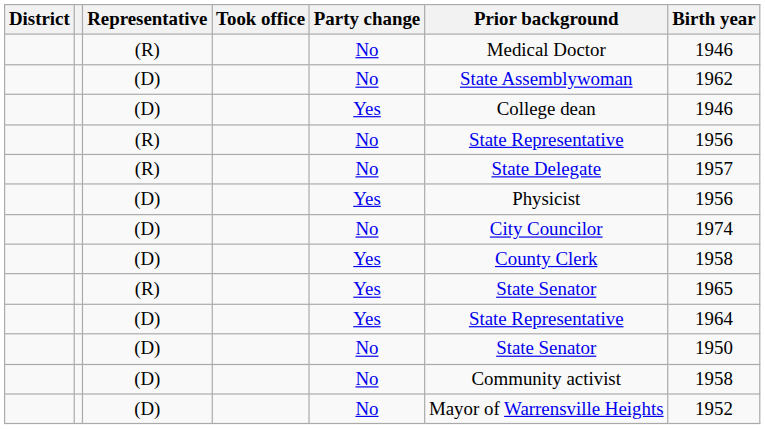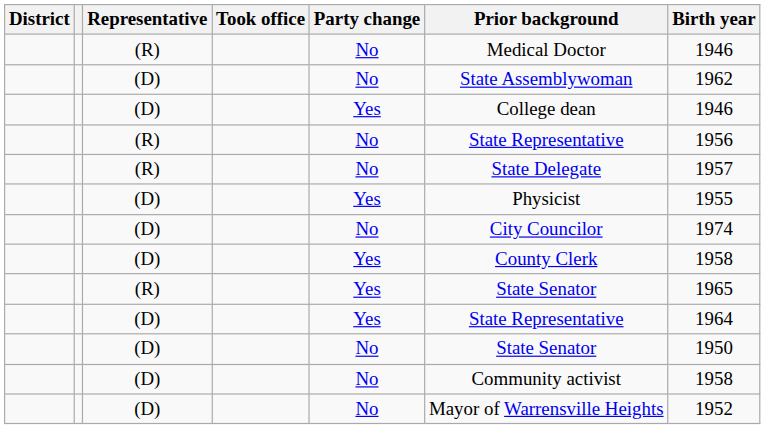 <table class="sortable wikitable" style="text-align:center">
 <tr>
 <th>District</th>
 <th></th>
 <th>Representative</th>
 <th>Took office</th>
 <th>Party change</th>
 <th>Prior background</th>
 <th>Birth year</th>
 </tr>
 <tr>
 <td></td>
 <td></td>
 <td> (R)</td>
 <td></td>
 <td><a href='#'>No</a></td>
 <td>Medical Doctor</td>
 <td>1946</td>
 </tr>
 <tr>
 <td></td>
 <td></td>
 <td> (D)</td>
 <td></td>
 <td><a href='#'>No</a></td>
 <td><a href='#'>State Assemblywoman</a></td>
 <td>1962</td>
 </tr>
 <tr>
 <td></td>
 <td></td>
 <td> (D)</td>
 <td></td>
 <td><a href='#'>Yes</a></td>
 <td>College dean</td>
 <td>1946</td>
 </tr>
 <tr>
 <td></td>
 <td></td>
 <td> (R)</td>
 <td></td>
 <td><a href='#'>No</a></td>
 <td><a href='#'>State Representative</a></td>
 <td>1956</td>
 </tr>
 <tr>
 <td></td>
 <td></td>
 <td> (R)</td>
 <td></td>
 <td><a href='#'>No</a></td>
 <td><a href='#'>State Delegate</a></td>
 <td>1957</td>
 </tr>
 <tr>
 <td></td>
 <td></td>
 <td> (D)</td>
 <td></td>
 <td><a href='#'>Yes</a></td>
 <td>Physicist</td>
-<td>1956</td>
+<td>1955</td>
 </tr>
 <tr>
 <td></td>
 <td></td>
 <td> (D)</td>
 <td></td>
 <td><a href='#'>No</a></td>
 <td><a href='#'>City Councilor</a></td>
 <td>1974</td>
 </tr>
 <tr>
 <td></td>
 <td></td>
 <td> (D)</td>
 <td></td>
 <td><a href='#'>Yes</a></td>
 <td><a href='#'>County Clerk</a></td>
 <td>1958</td>
 </tr>
 <tr>
 <td></td>
 <td></td>
 <td> (R)</td>
 <td></td>
 <td><a href='#'>Yes</a></td>
 <td><a href='#'>State Senator</a></td>
 <td>1965</td>
 </tr>
 <tr>
 <td></td>
 <td></td>
 <td> (D)</td>
 <td></td>
 <td><a href='#'>Yes</a></td>
 <td><a href='#'>State Representative</a></td>
 <td>1964</td>
 </tr>
 <tr>
 <td></td>
 <td></td>
 <td> (D)</td>
 <td></td>
 <td><a href='#'>No</a></td>
 <td><a href='#'>State Senator</a></td>
 <td>1950</td>
 </tr>
 <tr>
 <td></td>
 <td></td>
 <td> (D)</td>
 <td></td>
 <td><a href='#'>No</a></td>
 <td>Community activist</td>
 <td>1958</td>
 </tr>
 <tr>
 <td></td>
 <td></td>
 <td> (D)</td>
 <td></td>
 <td><a href='#'>No</a></td>
 <td>Mayor of <a href='#'>Warrensville Heights</a></td>
 <td>1952</td>
 </tr>
 </table>
